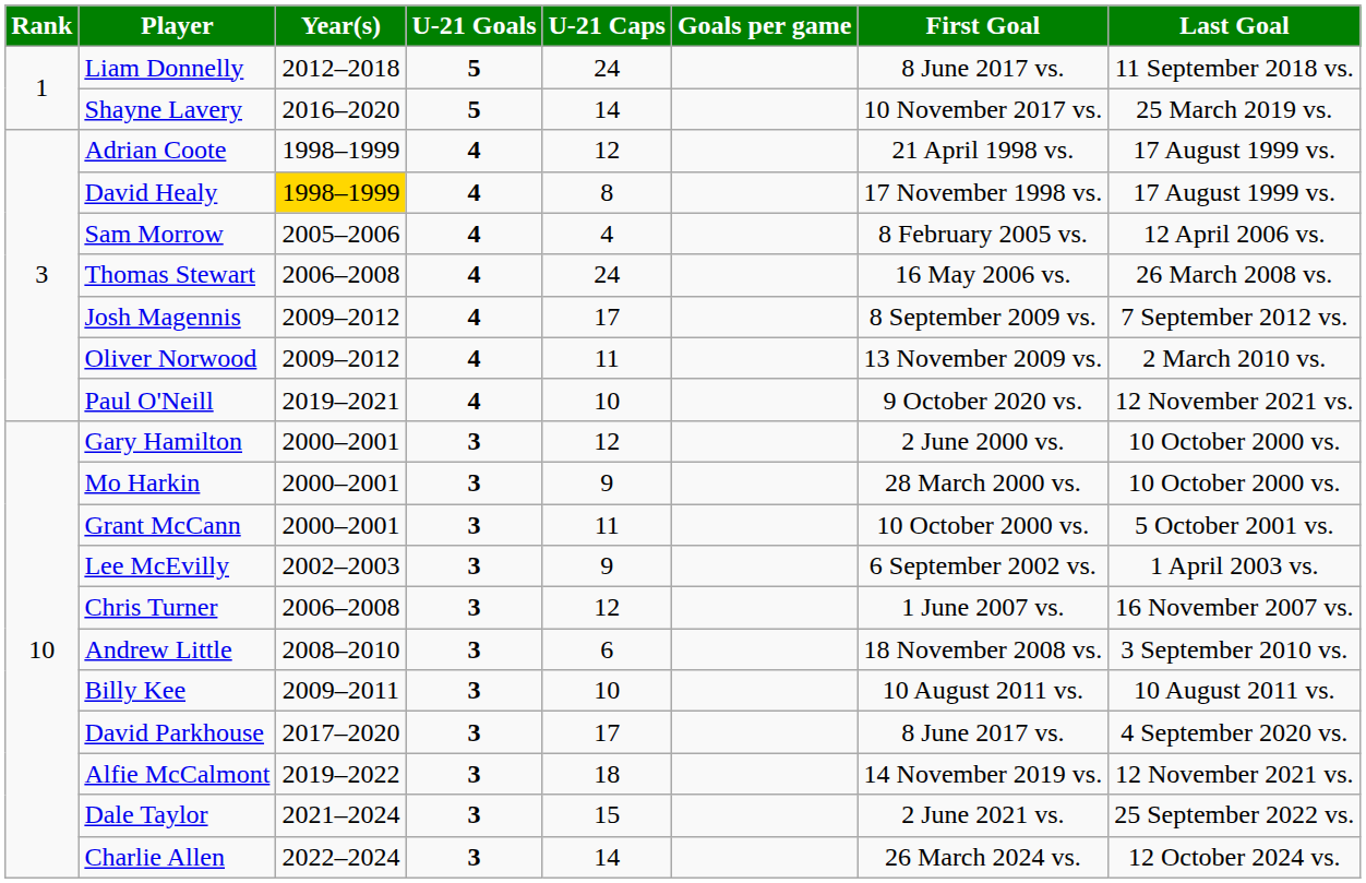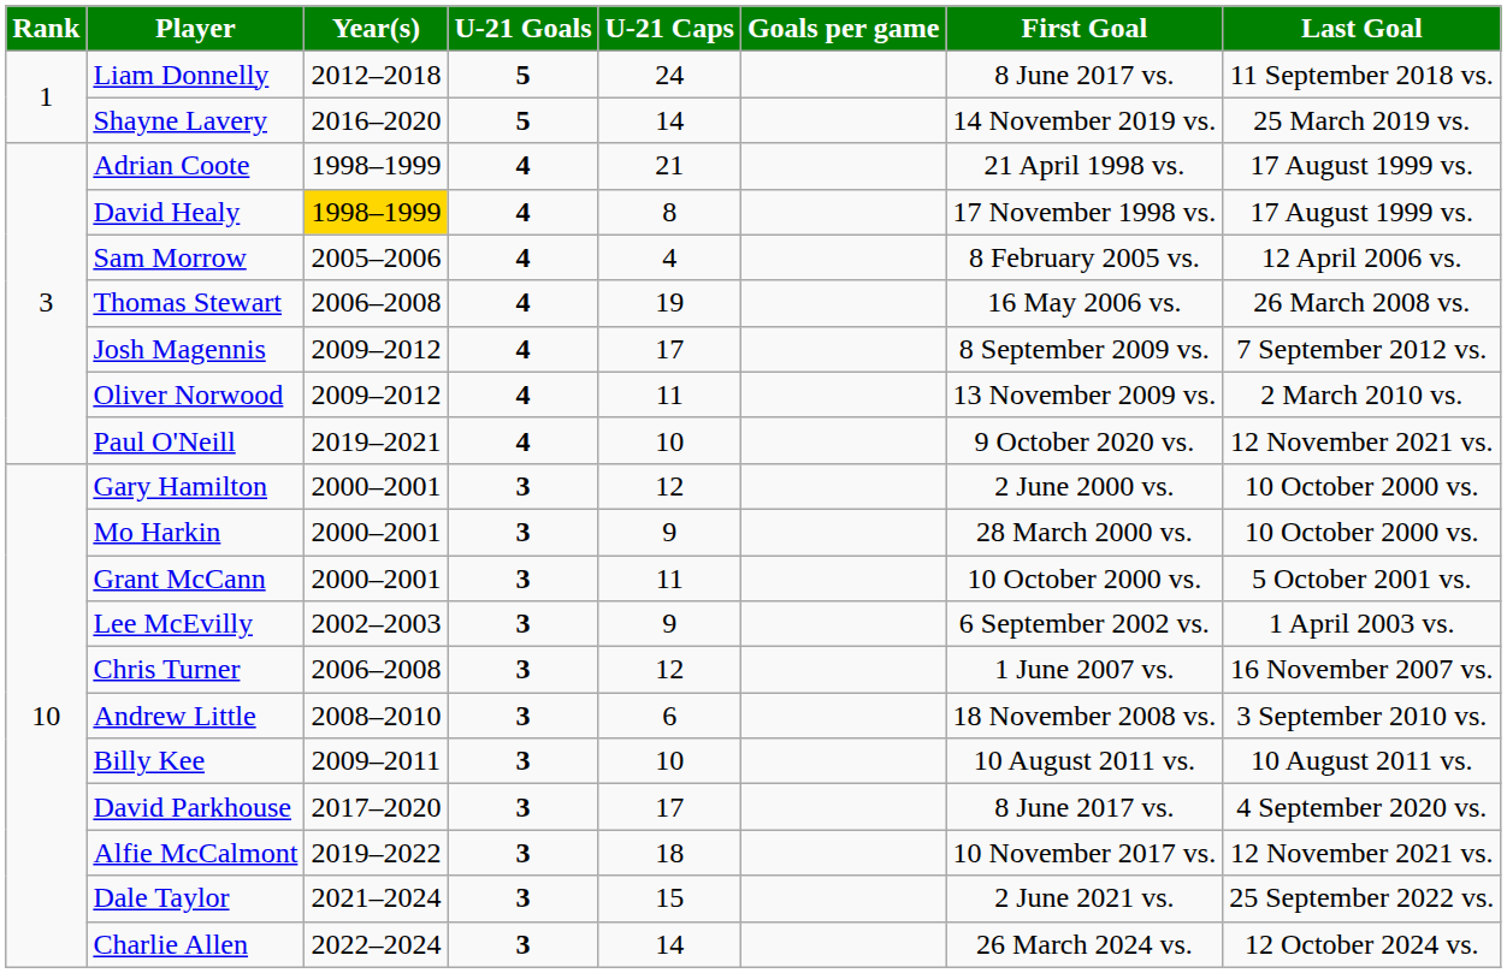 <table class="wikitable sortable" style="text-align: center;">
 <tr>
 <th style="background-color:#008000; color:white; ">Rank</th>
 <th style="background-color:#008000; color:white; ">Player</th>
 <th style="background-color:#008000; color:white; ">Year(s)</th>
 <th style="background-color:#008000; color:white; ">U-21 Goals</th>
 <th style="background-color:#008000; color:white; ">U-21 Caps</th>
 <th style="background-color:#008000; color:white; ">Goals per game</th>
 <th style="background-color:#008000; color:white; ">First Goal</th>
 <th style="background-color:#008000; color:white; ">Last Goal</th>
 </tr>
 <tr>
 <td rowspan="2">1</td>
 <td style="text-align:left;"><a href='#'>Liam Donnelly</a></td>
 <td>2012–2018</td>
 <td><strong>5</strong></td>
 <td>24</td>
 <td></td>
 <td>8 June 2017 vs. </td>
 <td>11 September 2018 vs. </td>
 </tr>
 <tr>
 <td style="text-align:left;"><a href='#'>Shayne Lavery</a></td>
 <td>2016–2020</td>
 <td><strong>5</strong></td>
 <td>14</td>
 <td></td>
-<td>10 November 2017 vs. </td>
+<td>14 November 2019 vs. </td>
 <td>25 March 2019 vs. </td>
 </tr>
 <tr>
 <td rowspan="7">3</td>
 <td style="text-align:left;"><a href='#'>Adrian Coote</a></td>
 <td>1998–1999</td>
 <td><strong>4</strong></td>
-<td>12</td>
+<td>21</td>
 <td></td>
 <td>21 April 1998 vs. </td>
 <td>17 August 1999 vs. </td>
 </tr>
 <tr>
 <td style="text-align:left;"><a href='#'>David Healy</a></td>
 <td style="background: gold;">1998–1999</td>
 <td><strong>4</strong></td>
 <td>8</td>
 <td></td>
 <td>17 November 1998 vs. </td>
 <td>17 August 1999 vs. </td>
 </tr>
 <tr>
 <td style="text-align:left;"><a href='#'>Sam Morrow</a></td>
 <td>2005–2006</td>
 <td><strong>4</strong></td>
 <td>4</td>
 <td></td>
 <td>8 February 2005 vs. </td>
 <td>12 April 2006 vs. </td>
 </tr>
 <tr>
 <td style="text-align:left;"><a href='#'>Thomas Stewart</a></td>
 <td>2006–2008</td>
 <td><strong>4</strong></td>
-<td>24</td>
+<td>19</td>
 <td></td>
 <td>16 May 2006 vs. </td>
 <td>26 March 2008 vs. </td>
 </tr>
 <tr>
 <td style="text-align:left;"><a href='#'>Josh Magennis</a></td>
 <td>2009–2012</td>
 <td><strong>4</strong></td>
 <td>17</td>
 <td></td>
 <td>8 September 2009 vs. </td>
 <td>7 September 2012 vs. </td>
 </tr>
 <tr>
 <td style="text-align:left;"><a href='#'>Oliver Norwood</a></td>
 <td>2009–2012</td>
 <td><strong>4</strong></td>
 <td>11</td>
 <td></td>
 <td>13 November 2009 vs. </td>
 <td>2 March 2010 vs. </td>
 </tr>
 <tr>
 <td style="text-align:left;"><a href='#'>Paul O'Neill</a></td>
 <td>2019–2021</td>
 <td><strong>4</strong></td>
 <td>10</td>
 <td></td>
 <td>9 October 2020 vs. </td>
 <td>12 November 2021 vs. </td>
 </tr>
 <tr>
 <td rowspan="11">10</td>
 <td style="text-align:left;"><a href='#'>Gary Hamilton</a></td>
 <td>2000–2001</td>
 <td><strong>3</strong></td>
 <td>12</td>
 <td></td>
 <td>2 June 2000 vs. </td>
 <td>10 October 2000 vs. </td>
 </tr>
 <tr>
 <td style="text-align:left;"><a href='#'>Mo Harkin</a></td>
 <td>2000–2001</td>
 <td><strong>3</strong></td>
 <td>9</td>
 <td></td>
 <td>28 March 2000 vs. </td>
 <td>10 October 2000 vs. </td>
 </tr>
 <tr>
 <td style="text-align:left;"><a href='#'>Grant McCann</a></td>
 <td>2000–2001</td>
 <td><strong>3</strong></td>
 <td>11</td>
 <td></td>
 <td>10 October 2000 vs. </td>
 <td>5 October 2001 vs. </td>
 </tr>
 <tr>
 <td style="text-align:left;"><a href='#'>Lee McEvilly</a></td>
 <td>2002–2003</td>
 <td><strong>3</strong></td>
 <td>9</td>
 <td></td>
 <td>6 September 2002 vs. </td>
 <td>1 April 2003 vs. </td>
 </tr>
 <tr>
 <td style="text-align:left;"><a href='#'>Chris Turner</a></td>
 <td>2006–2008</td>
 <td><strong>3</strong></td>
 <td>12</td>
 <td></td>
 <td>1 June 2007 vs. </td>
 <td>16 November 2007 vs. </td>
 </tr>
 <tr>
 <td style="text-align:left;"><a href='#'>Andrew Little</a></td>
 <td>2008–2010</td>
 <td><strong>3</strong></td>
 <td>6</td>
 <td></td>
 <td>18 November 2008 vs. </td>
 <td>3 September 2010 vs. </td>
 </tr>
 <tr>
 <td style="text-align:left;"><a href='#'>Billy Kee</a></td>
 <td>2009–2011</td>
 <td><strong>3</strong></td>
 <td>10</td>
 <td></td>
 <td>10 August 2011 vs. </td>
 <td>10 August 2011 vs. </td>
 </tr>
 <tr>
 <td style="text-align:left;"><a href='#'>David Parkhouse</a></td>
 <td>2017–2020</td>
 <td><strong>3</strong></td>
 <td>17</td>
 <td></td>
 <td>8 June 2017 vs. </td>
 <td>4 September 2020 vs. </td>
 </tr>
 <tr>
 <td style="text-align:left;"><a href='#'>Alfie McCalmont</a></td>
 <td>2019–2022</td>
 <td><strong>3</strong></td>
 <td>18</td>
 <td></td>
-<td>14 November 2019 vs. </td>
+<td>10 November 2017 vs. </td>
 <td>12 November 2021 vs. </td>
 </tr>
 <tr>
 <td style="text-align:left;"><a href='#'>Dale Taylor</a></td>
 <td>2021–2024</td>
 <td><strong>3</strong></td>
 <td>15</td>
 <td></td>
 <td>2 June 2021 vs. </td>
 <td>25 September 2022 vs. </td>
 </tr>
 <tr>
 <td style="text-align:left;"><a href='#'>Charlie Allen</a></td>
 <td>2022–2024</td>
 <td><strong>3</strong></td>
 <td>14</td>
 <td></td>
 <td>26 March 2024 vs. </td>
 <td>12 October 2024 vs. </td>
 </tr>
 </table>
